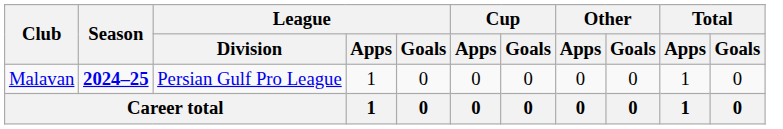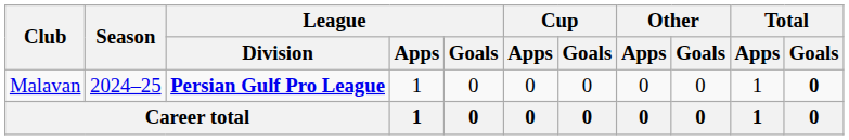 <table class=wikitable style=text-align:center>
 <tr>
 <th rowspan="2">Club</th>
 <th rowspan="2">Season</th>
 <th colspan="3">League</th>
 <th colspan="2">Cup</th>
 <th colspan="2">Other</th>
 <th colspan="2">Total</th>
 </tr>
 <tr>
 <th>Division</th>
 <th>Apps</th>
 <th>Goals</th>
 <th>Apps</th>
 <th>Goals</th>
 <th>Apps</th>
 <th>Goals</th>
 <th>Apps</th>
 <th>Goals</th>
 </tr>
 <tr>
 <td><a href='#'>Malavan</a></td>
-<td><strong><a href='#'>2024–25</a></strong></td>
-<td><a href='#'>Persian Gulf Pro League</a></td>
+<td><a href='#'>2024–25</a></td>
+<td><strong><a href='#'>Persian Gulf Pro League</a></strong></td>
 <td>1</td>
 <td>0</td>
 <td>0</td>
 <td>0</td>
 <td>0</td>
 <td>0</td>
 <td>1</td>
-<td>0</td>
+<td><strong>0</strong></td>
 </tr>
 <tr>
 <th colspan="3"><strong>Career total</strong></th>
 <th>1</th>
 <th>0</th>
 <th>0</th>
 <th>0</th>
 <th>0</th>
 <th>0</th>
 <th>1</th>
 <th>0</th>
 </tr>
 </table>
